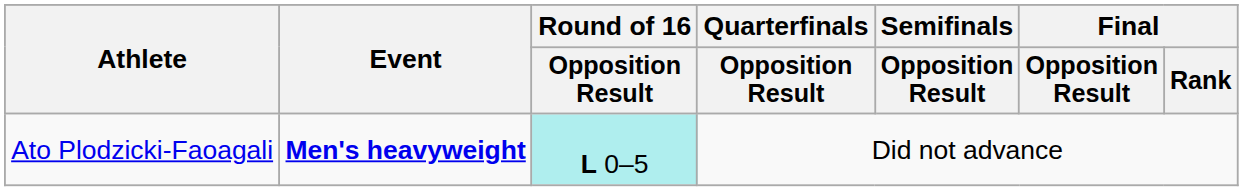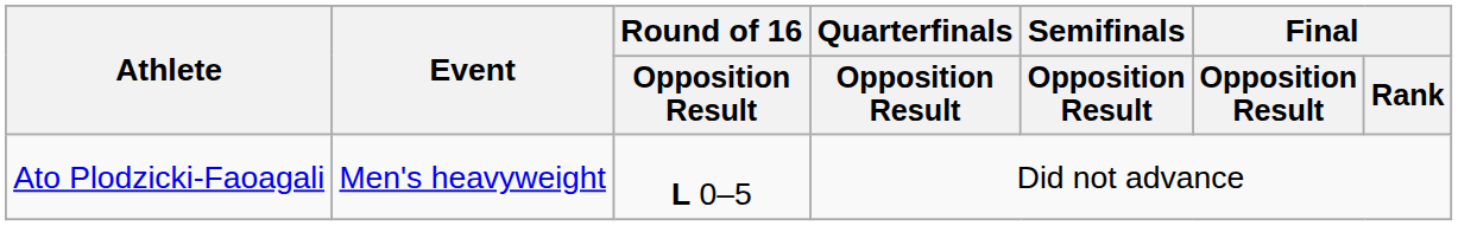 <table class="wikitable" style="font-size:90%">
 <tr>
 <th rowspan="2">Athlete</th>
 <th rowspan="2">Event</th>
 <th>Round of 16</th>
 <th>Quarterfinals</th>
 <th>Semifinals</th>
 <th colspan=2>Final</th>
 </tr>
 <tr style="font-size:95%">
 <th>Opposition<br>Result</th>
 <th>Opposition<br>Result</th>
 <th>Opposition<br>Result</th>
 <th>Opposition<br>Result</th>
 <th>Rank</th>
 </tr>
 <tr align=center>
 <td align=left><a href='#'>Ato Plodzicki-Faoagali</a></td>
-<td align=left><strong><a href='#'>Men's heavyweight</a></strong></td>
-<td style="background: paleturquoise;"><br><strong>L</strong> 0–5</td>
+<td align=left><a href='#'>Men's heavyweight</a></td>
+<td><br><strong>L</strong> 0–5</td>
 <td colspan=4>Did not advance</td>
 </tr>
 </table>
